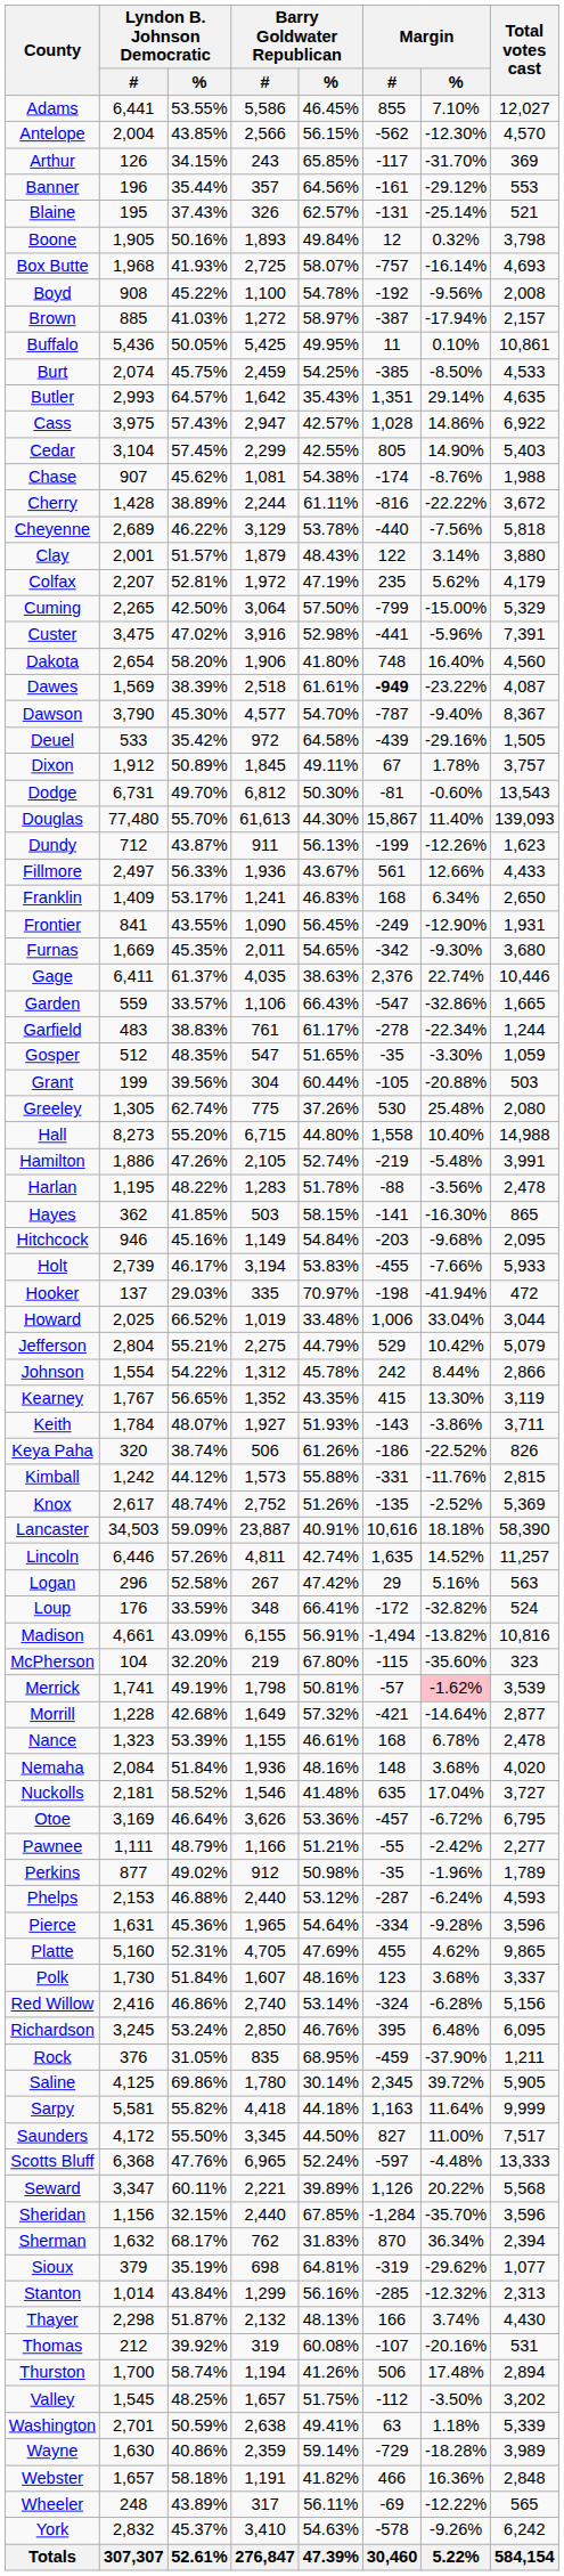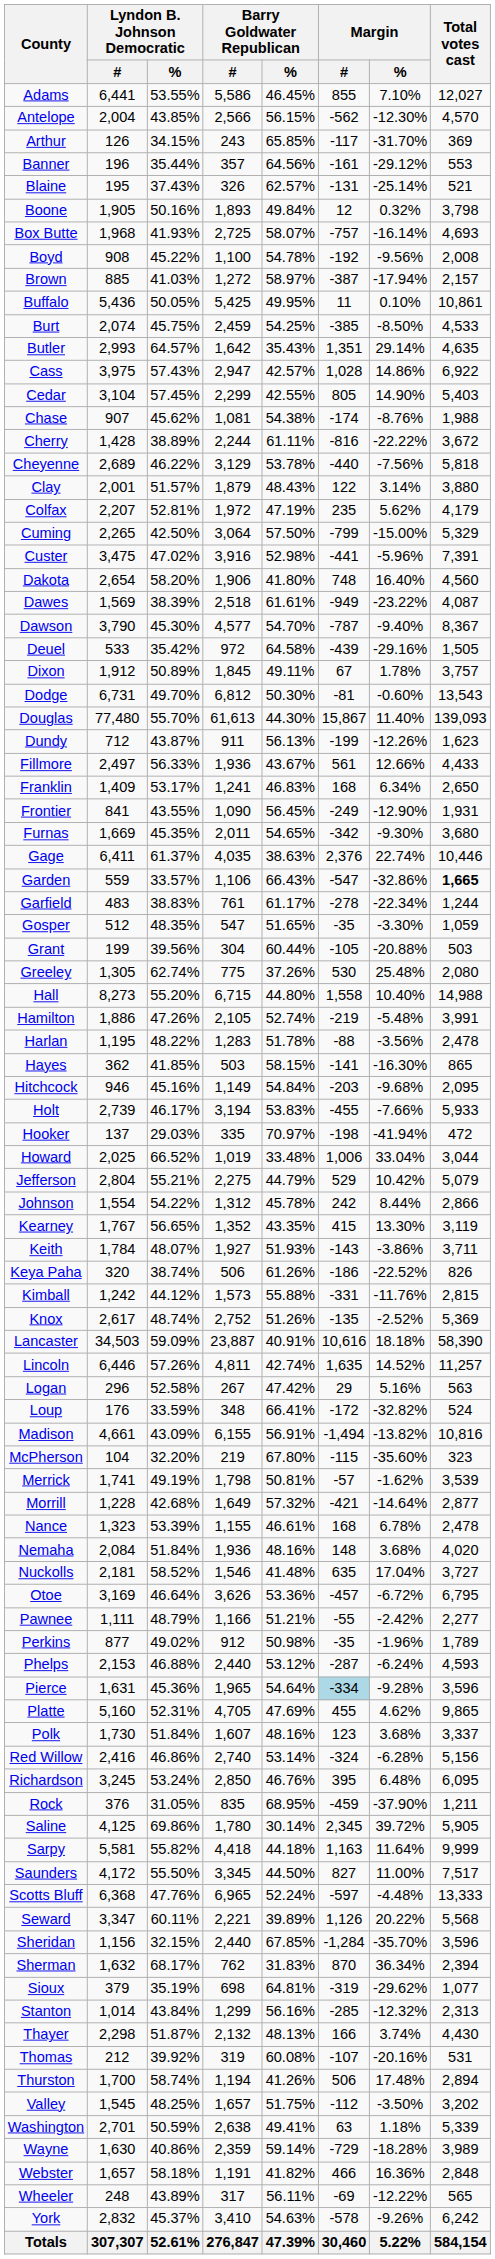 <table class="wikitable sortable" width="60%">
 <tr>
 <th rowspan="2">County</th>
 <th colspan="2">Lyndon B. Johnson<br>Democratic</th>
 <th colspan="2">Barry Goldwater<br>Republican</th>
 <th colspan="2">Margin</th>
 <th rowspan="2">Total votes cast</th>
 </tr>
 <tr>
 <th data-sort-type="number">#</th>
 <th data-sort-type="number">%</th>
 <th data-sort-type="number">#</th>
 <th data-sort-type="number">%</th>
 <th data-sort-type="number">#</th>
 <th data-sort-type="number">%</th>
 </tr>
 <tr style="text-align:center;">
 <td><a href='#'>Adams</a></td>
 <td>6,441</td>
 <td>53.55%</td>
 <td>5,586</td>
 <td>46.45%</td>
 <td>855</td>
 <td>7.10%</td>
 <td>12,027</td>
 </tr>
 <tr style="text-align:center;">
 <td><a href='#'>Antelope</a></td>
 <td>2,004</td>
 <td>43.85%</td>
 <td>2,566</td>
 <td>56.15%</td>
 <td>-562</td>
 <td>-12.30%</td>
 <td>4,570</td>
 </tr>
 <tr style="text-align:center;">
 <td><a href='#'>Arthur</a></td>
 <td>126</td>
 <td>34.15%</td>
 <td>243</td>
 <td>65.85%</td>
 <td>-117</td>
 <td>-31.70%</td>
 <td>369</td>
 </tr>
 <tr style="text-align:center;">
 <td><a href='#'>Banner</a></td>
 <td>196</td>
 <td>35.44%</td>
 <td>357</td>
 <td>64.56%</td>
 <td>-161</td>
 <td>-29.12%</td>
 <td>553</td>
 </tr>
 <tr style="text-align:center;">
 <td><a href='#'>Blaine</a></td>
 <td>195</td>
 <td>37.43%</td>
 <td>326</td>
 <td>62.57%</td>
 <td>-131</td>
 <td>-25.14%</td>
 <td>521</td>
 </tr>
 <tr style="text-align:center;">
 <td><a href='#'>Boone</a></td>
 <td>1,905</td>
 <td>50.16%</td>
 <td>1,893</td>
 <td>49.84%</td>
 <td>12</td>
 <td>0.32%</td>
 <td>3,798</td>
 </tr>
 <tr style="text-align:center;">
 <td><a href='#'>Box Butte</a></td>
 <td>1,968</td>
 <td>41.93%</td>
 <td>2,725</td>
 <td>58.07%</td>
 <td>-757</td>
 <td>-16.14%</td>
 <td>4,693</td>
 </tr>
 <tr style="text-align:center;">
 <td><a href='#'>Boyd</a></td>
 <td>908</td>
 <td>45.22%</td>
 <td>1,100</td>
 <td>54.78%</td>
 <td>-192</td>
 <td>-9.56%</td>
 <td>2,008</td>
 </tr>
 <tr style="text-align:center;">
 <td><a href='#'>Brown</a></td>
 <td>885</td>
 <td>41.03%</td>
 <td>1,272</td>
 <td>58.97%</td>
 <td>-387</td>
 <td>-17.94%</td>
 <td>2,157</td>
 </tr>
 <tr style="text-align:center;">
 <td><a href='#'>Buffalo</a></td>
 <td>5,436</td>
 <td>50.05%</td>
 <td>5,425</td>
 <td>49.95%</td>
 <td>11</td>
 <td>0.10%</td>
 <td>10,861</td>
 </tr>
 <tr style="text-align:center;">
 <td><a href='#'>Burt</a></td>
 <td>2,074</td>
 <td>45.75%</td>
 <td>2,459</td>
 <td>54.25%</td>
 <td>-385</td>
 <td>-8.50%</td>
 <td>4,533</td>
 </tr>
 <tr style="text-align:center;">
 <td><a href='#'>Butler</a></td>
 <td>2,993</td>
 <td>64.57%</td>
 <td>1,642</td>
 <td>35.43%</td>
 <td>1,351</td>
 <td>29.14%</td>
 <td>4,635</td>
 </tr>
 <tr style="text-align:center;">
 <td><a href='#'>Cass</a></td>
 <td>3,975</td>
 <td>57.43%</td>
 <td>2,947</td>
 <td>42.57%</td>
 <td>1,028</td>
 <td>14.86%</td>
 <td>6,922</td>
 </tr>
 <tr style="text-align:center;">
 <td><a href='#'>Cedar</a></td>
 <td>3,104</td>
 <td>57.45%</td>
 <td>2,299</td>
 <td>42.55%</td>
 <td>805</td>
 <td>14.90%</td>
 <td>5,403</td>
 </tr>
 <tr style="text-align:center;">
 <td><a href='#'>Chase</a></td>
 <td>907</td>
 <td>45.62%</td>
 <td>1,081</td>
 <td>54.38%</td>
 <td>-174</td>
 <td>-8.76%</td>
 <td>1,988</td>
 </tr>
 <tr style="text-align:center;">
 <td><a href='#'>Cherry</a></td>
 <td>1,428</td>
 <td>38.89%</td>
 <td>2,244</td>
 <td>61.11%</td>
 <td>-816</td>
 <td>-22.22%</td>
 <td>3,672</td>
 </tr>
 <tr style="text-align:center;">
 <td><a href='#'>Cheyenne</a></td>
 <td>2,689</td>
 <td>46.22%</td>
 <td>3,129</td>
 <td>53.78%</td>
 <td>-440</td>
 <td>-7.56%</td>
 <td>5,818</td>
 </tr>
 <tr style="text-align:center;">
 <td><a href='#'>Clay</a></td>
 <td>2,001</td>
 <td>51.57%</td>
 <td>1,879</td>
 <td>48.43%</td>
 <td>122</td>
 <td>3.14%</td>
 <td>3,880</td>
 </tr>
 <tr style="text-align:center;">
 <td><a href='#'>Colfax</a></td>
 <td>2,207</td>
 <td>52.81%</td>
 <td>1,972</td>
 <td>47.19%</td>
 <td>235</td>
 <td>5.62%</td>
 <td>4,179</td>
 </tr>
 <tr style="text-align:center;">
 <td><a href='#'>Cuming</a></td>
 <td>2,265</td>
 <td>42.50%</td>
 <td>3,064</td>
 <td>57.50%</td>
 <td>-799</td>
 <td>-15.00%</td>
 <td>5,329</td>
 </tr>
 <tr style="text-align:center;">
 <td><a href='#'>Custer</a></td>
 <td>3,475</td>
 <td>47.02%</td>
 <td>3,916</td>
 <td>52.98%</td>
 <td>-441</td>
 <td>-5.96%</td>
 <td>7,391</td>
 </tr>
 <tr style="text-align:center;">
 <td><a href='#'>Dakota</a></td>
 <td>2,654</td>
 <td>58.20%</td>
 <td>1,906</td>
 <td>41.80%</td>
 <td>748</td>
 <td>16.40%</td>
 <td>4,560</td>
 </tr>
 <tr style="text-align:center;">
 <td><a href='#'>Dawes</a></td>
 <td>1,569</td>
 <td>38.39%</td>
 <td>2,518</td>
 <td>61.61%</td>
-<td><strong>-949</strong></td>
+<td>-949</td>
 <td>-23.22%</td>
 <td>4,087</td>
 </tr>
 <tr style="text-align:center;">
 <td><a href='#'>Dawson</a></td>
 <td>3,790</td>
 <td>45.30%</td>
 <td>4,577</td>
 <td>54.70%</td>
 <td>-787</td>
 <td>-9.40%</td>
 <td>8,367</td>
 </tr>
 <tr style="text-align:center;">
 <td><a href='#'>Deuel</a></td>
 <td>533</td>
 <td>35.42%</td>
 <td>972</td>
 <td>64.58%</td>
 <td>-439</td>
 <td>-29.16%</td>
 <td>1,505</td>
 </tr>
 <tr style="text-align:center;">
 <td><a href='#'>Dixon</a></td>
 <td>1,912</td>
 <td>50.89%</td>
 <td>1,845</td>
 <td>49.11%</td>
 <td>67</td>
 <td>1.78%</td>
 <td>3,757</td>
 </tr>
 <tr style="text-align:center;">
 <td><a href='#'>Dodge</a></td>
 <td>6,731</td>
 <td>49.70%</td>
 <td>6,812</td>
 <td>50.30%</td>
 <td>-81</td>
 <td>-0.60%</td>
 <td>13,543</td>
 </tr>
 <tr style="text-align:center;">
 <td><a href='#'>Douglas</a></td>
 <td>77,480</td>
 <td>55.70%</td>
 <td>61,613</td>
 <td>44.30%</td>
 <td>15,867</td>
 <td>11.40%</td>
 <td>139,093</td>
 </tr>
 <tr style="text-align:center;">
 <td><a href='#'>Dundy</a></td>
 <td>712</td>
 <td>43.87%</td>
 <td>911</td>
 <td>56.13%</td>
 <td>-199</td>
 <td>-12.26%</td>
 <td>1,623</td>
 </tr>
 <tr style="text-align:center;">
 <td><a href='#'>Fillmore</a></td>
 <td>2,497</td>
 <td>56.33%</td>
 <td>1,936</td>
 <td>43.67%</td>
 <td>561</td>
 <td>12.66%</td>
 <td>4,433</td>
 </tr>
 <tr style="text-align:center;">
 <td><a href='#'>Franklin</a></td>
 <td>1,409</td>
 <td>53.17%</td>
 <td>1,241</td>
 <td>46.83%</td>
 <td>168</td>
 <td>6.34%</td>
 <td>2,650</td>
 </tr>
 <tr style="text-align:center;">
 <td><a href='#'>Frontier</a></td>
 <td>841</td>
 <td>43.55%</td>
 <td>1,090</td>
 <td>56.45%</td>
 <td>-249</td>
 <td>-12.90%</td>
 <td>1,931</td>
 </tr>
 <tr style="text-align:center;">
 <td><a href='#'>Furnas</a></td>
 <td>1,669</td>
 <td>45.35%</td>
 <td>2,011</td>
 <td>54.65%</td>
 <td>-342</td>
 <td>-9.30%</td>
 <td>3,680</td>
 </tr>
 <tr style="text-align:center;">
 <td><a href='#'>Gage</a></td>
 <td>6,411</td>
 <td>61.37%</td>
 <td>4,035</td>
 <td>38.63%</td>
 <td>2,376</td>
 <td>22.74%</td>
 <td>10,446</td>
 </tr>
 <tr style="text-align:center;">
 <td><a href='#'>Garden</a></td>
 <td>559</td>
 <td>33.57%</td>
 <td>1,106</td>
 <td>66.43%</td>
 <td>-547</td>
 <td>-32.86%</td>
-<td>1,665</td>
+<td><strong>1,665</strong></td>
 </tr>
 <tr style="text-align:center;">
 <td><a href='#'>Garfield</a></td>
 <td>483</td>
 <td>38.83%</td>
 <td>761</td>
 <td>61.17%</td>
 <td>-278</td>
 <td>-22.34%</td>
 <td>1,244</td>
 </tr>
 <tr style="text-align:center;">
 <td><a href='#'>Gosper</a></td>
 <td>512</td>
 <td>48.35%</td>
 <td>547</td>
 <td>51.65%</td>
 <td>-35</td>
 <td>-3.30%</td>
 <td>1,059</td>
 </tr>
 <tr style="text-align:center;">
 <td><a href='#'>Grant</a></td>
 <td>199</td>
 <td>39.56%</td>
 <td>304</td>
 <td>60.44%</td>
 <td>-105</td>
 <td>-20.88%</td>
 <td>503</td>
 </tr>
 <tr style="text-align:center;">
 <td><a href='#'>Greeley</a></td>
 <td>1,305</td>
 <td>62.74%</td>
 <td>775</td>
 <td>37.26%</td>
 <td>530</td>
 <td>25.48%</td>
 <td>2,080</td>
 </tr>
 <tr style="text-align:center;">
 <td><a href='#'>Hall</a></td>
 <td>8,273</td>
 <td>55.20%</td>
 <td>6,715</td>
 <td>44.80%</td>
 <td>1,558</td>
 <td>10.40%</td>
 <td>14,988</td>
 </tr>
 <tr style="text-align:center;">
 <td><a href='#'>Hamilton</a></td>
 <td>1,886</td>
 <td>47.26%</td>
 <td>2,105</td>
 <td>52.74%</td>
 <td>-219</td>
 <td>-5.48%</td>
 <td>3,991</td>
 </tr>
 <tr style="text-align:center;">
 <td><a href='#'>Harlan</a></td>
 <td>1,195</td>
 <td>48.22%</td>
 <td>1,283</td>
 <td>51.78%</td>
 <td>-88</td>
 <td>-3.56%</td>
 <td>2,478</td>
 </tr>
 <tr style="text-align:center;">
 <td><a href='#'>Hayes</a></td>
 <td>362</td>
 <td>41.85%</td>
 <td>503</td>
 <td>58.15%</td>
 <td>-141</td>
 <td>-16.30%</td>
 <td>865</td>
 </tr>
 <tr style="text-align:center;">
 <td><a href='#'>Hitchcock</a></td>
 <td>946</td>
 <td>45.16%</td>
 <td>1,149</td>
 <td>54.84%</td>
 <td>-203</td>
 <td>-9.68%</td>
 <td>2,095</td>
 </tr>
 <tr style="text-align:center;">
 <td><a href='#'>Holt</a></td>
 <td>2,739</td>
 <td>46.17%</td>
 <td>3,194</td>
 <td>53.83%</td>
 <td>-455</td>
 <td>-7.66%</td>
 <td>5,933</td>
 </tr>
 <tr style="text-align:center;">
 <td><a href='#'>Hooker</a></td>
 <td>137</td>
 <td>29.03%</td>
 <td>335</td>
 <td>70.97%</td>
 <td>-198</td>
 <td>-41.94%</td>
 <td>472</td>
 </tr>
 <tr style="text-align:center;">
 <td><a href='#'>Howard</a></td>
 <td>2,025</td>
 <td>66.52%</td>
 <td>1,019</td>
 <td>33.48%</td>
 <td>1,006</td>
 <td>33.04%</td>
 <td>3,044</td>
 </tr>
 <tr style="text-align:center;">
 <td><a href='#'>Jefferson</a></td>
 <td>2,804</td>
 <td>55.21%</td>
 <td>2,275</td>
 <td>44.79%</td>
 <td>529</td>
 <td>10.42%</td>
 <td>5,079</td>
 </tr>
 <tr style="text-align:center;">
 <td><a href='#'>Johnson</a></td>
 <td>1,554</td>
 <td>54.22%</td>
 <td>1,312</td>
 <td>45.78%</td>
 <td>242</td>
 <td>8.44%</td>
 <td>2,866</td>
 </tr>
 <tr style="text-align:center;">
 <td><a href='#'>Kearney</a></td>
 <td>1,767</td>
 <td>56.65%</td>
 <td>1,352</td>
 <td>43.35%</td>
 <td>415</td>
 <td>13.30%</td>
 <td>3,119</td>
 </tr>
 <tr style="text-align:center;">
 <td><a href='#'>Keith</a></td>
 <td>1,784</td>
 <td>48.07%</td>
 <td>1,927</td>
 <td>51.93%</td>
 <td>-143</td>
 <td>-3.86%</td>
 <td>3,711</td>
 </tr>
 <tr style="text-align:center;">
 <td><a href='#'>Keya Paha</a></td>
 <td>320</td>
 <td>38.74%</td>
 <td>506</td>
 <td>61.26%</td>
 <td>-186</td>
 <td>-22.52%</td>
 <td>826</td>
 </tr>
 <tr style="text-align:center;">
 <td><a href='#'>Kimball</a></td>
 <td>1,242</td>
 <td>44.12%</td>
 <td>1,573</td>
 <td>55.88%</td>
 <td>-331</td>
 <td>-11.76%</td>
 <td>2,815</td>
 </tr>
 <tr style="text-align:center;">
 <td><a href='#'>Knox</a></td>
 <td>2,617</td>
 <td>48.74%</td>
 <td>2,752</td>
 <td>51.26%</td>
 <td>-135</td>
 <td>-2.52%</td>
 <td>5,369</td>
 </tr>
 <tr style="text-align:center;">
 <td><a href='#'>Lancaster</a></td>
 <td>34,503</td>
 <td>59.09%</td>
 <td>23,887</td>
 <td>40.91%</td>
 <td>10,616</td>
 <td>18.18%</td>
 <td>58,390</td>
 </tr>
 <tr style="text-align:center;">
 <td><a href='#'>Lincoln</a></td>
 <td>6,446</td>
 <td>57.26%</td>
 <td>4,811</td>
 <td>42.74%</td>
 <td>1,635</td>
 <td>14.52%</td>
 <td>11,257</td>
 </tr>
 <tr style="text-align:center;">
 <td><a href='#'>Logan</a></td>
 <td>296</td>
 <td>52.58%</td>
 <td>267</td>
 <td>47.42%</td>
 <td>29</td>
 <td>5.16%</td>
 <td>563</td>
 </tr>
 <tr style="text-align:center;">
 <td><a href='#'>Loup</a></td>
 <td>176</td>
 <td>33.59%</td>
 <td>348</td>
 <td>66.41%</td>
 <td>-172</td>
 <td>-32.82%</td>
 <td>524</td>
 </tr>
 <tr style="text-align:center;">
 <td><a href='#'>Madison</a></td>
 <td>4,661</td>
 <td>43.09%</td>
 <td>6,155</td>
 <td>56.91%</td>
 <td>-1,494</td>
 <td>-13.82%</td>
 <td>10,816</td>
 </tr>
 <tr style="text-align:center;">
 <td><a href='#'>McPherson</a></td>
 <td>104</td>
 <td>32.20%</td>
 <td>219</td>
 <td>67.80%</td>
 <td>-115</td>
 <td>-35.60%</td>
 <td>323</td>
 </tr>
 <tr style="text-align:center;">
 <td><a href='#'>Merrick</a></td>
 <td>1,741</td>
 <td>49.19%</td>
 <td>1,798</td>
 <td>50.81%</td>
 <td>-57</td>
-<td style="background: pink;">-1.62%</td>
+<td>-1.62%</td>
 <td>3,539</td>
 </tr>
 <tr style="text-align:center;">
 <td><a href='#'>Morrill</a></td>
 <td>1,228</td>
 <td>42.68%</td>
 <td>1,649</td>
 <td>57.32%</td>
 <td>-421</td>
 <td>-14.64%</td>
 <td>2,877</td>
 </tr>
 <tr style="text-align:center;">
 <td><a href='#'>Nance</a></td>
 <td>1,323</td>
 <td>53.39%</td>
 <td>1,155</td>
 <td>46.61%</td>
 <td>168</td>
 <td>6.78%</td>
 <td>2,478</td>
 </tr>
 <tr style="text-align:center;">
 <td><a href='#'>Nemaha</a></td>
 <td>2,084</td>
 <td>51.84%</td>
 <td>1,936</td>
 <td>48.16%</td>
 <td>148</td>
 <td>3.68%</td>
 <td>4,020</td>
 </tr>
 <tr style="text-align:center;">
 <td><a href='#'>Nuckolls</a></td>
 <td>2,181</td>
 <td>58.52%</td>
 <td>1,546</td>
 <td>41.48%</td>
 <td>635</td>
 <td>17.04%</td>
 <td>3,727</td>
 </tr>
 <tr style="text-align:center;">
 <td><a href='#'>Otoe</a></td>
 <td>3,169</td>
 <td>46.64%</td>
 <td>3,626</td>
 <td>53.36%</td>
 <td>-457</td>
 <td>-6.72%</td>
 <td>6,795</td>
 </tr>
 <tr style="text-align:center;">
 <td><a href='#'>Pawnee</a></td>
 <td>1,111</td>
 <td>48.79%</td>
 <td>1,166</td>
 <td>51.21%</td>
 <td>-55</td>
 <td>-2.42%</td>
 <td>2,277</td>
 </tr>
 <tr style="text-align:center;">
 <td><a href='#'>Perkins</a></td>
 <td>877</td>
 <td>49.02%</td>
 <td>912</td>
 <td>50.98%</td>
 <td>-35</td>
 <td>-1.96%</td>
 <td>1,789</td>
 </tr>
 <tr style="text-align:center;">
 <td><a href='#'>Phelps</a></td>
 <td>2,153</td>
 <td>46.88%</td>
 <td>2,440</td>
 <td>53.12%</td>
 <td>-287</td>
 <td>-6.24%</td>
 <td>4,593</td>
 </tr>
 <tr style="text-align:center;">
 <td><a href='#'>Pierce</a></td>
 <td>1,631</td>
 <td>45.36%</td>
 <td>1,965</td>
 <td>54.64%</td>
-<td>-334</td>
+<td style="background: lightblue;">-334</td>
 <td>-9.28%</td>
 <td>3,596</td>
 </tr>
 <tr style="text-align:center;">
 <td><a href='#'>Platte</a></td>
 <td>5,160</td>
 <td>52.31%</td>
 <td>4,705</td>
 <td>47.69%</td>
 <td>455</td>
 <td>4.62%</td>
 <td>9,865</td>
 </tr>
 <tr style="text-align:center;">
 <td><a href='#'>Polk</a></td>
 <td>1,730</td>
 <td>51.84%</td>
 <td>1,607</td>
 <td>48.16%</td>
 <td>123</td>
 <td>3.68%</td>
 <td>3,337</td>
 </tr>
 <tr style="text-align:center;">
 <td><a href='#'>Red Willow</a></td>
 <td>2,416</td>
 <td>46.86%</td>
 <td>2,740</td>
 <td>53.14%</td>
 <td>-324</td>
 <td>-6.28%</td>
 <td>5,156</td>
 </tr>
 <tr style="text-align:center;">
 <td><a href='#'>Richardson</a></td>
 <td>3,245</td>
 <td>53.24%</td>
 <td>2,850</td>
 <td>46.76%</td>
 <td>395</td>
 <td>6.48%</td>
 <td>6,095</td>
 </tr>
 <tr style="text-align:center;">
 <td><a href='#'>Rock</a></td>
 <td>376</td>
 <td>31.05%</td>
 <td>835</td>
 <td>68.95%</td>
 <td>-459</td>
 <td>-37.90%</td>
 <td>1,211</td>
 </tr>
 <tr style="text-align:center;">
 <td><a href='#'>Saline</a></td>
 <td>4,125</td>
 <td>69.86%</td>
 <td>1,780</td>
 <td>30.14%</td>
 <td>2,345</td>
 <td>39.72%</td>
 <td>5,905</td>
 </tr>
 <tr style="text-align:center;">
 <td><a href='#'>Sarpy</a></td>
 <td>5,581</td>
 <td>55.82%</td>
 <td>4,418</td>
 <td>44.18%</td>
 <td>1,163</td>
 <td>11.64%</td>
 <td>9,999</td>
 </tr>
 <tr style="text-align:center;">
 <td><a href='#'>Saunders</a></td>
 <td>4,172</td>
 <td>55.50%</td>
 <td>3,345</td>
 <td>44.50%</td>
 <td>827</td>
 <td>11.00%</td>
 <td>7,517</td>
 </tr>
 <tr style="text-align:center;">
 <td><a href='#'>Scotts Bluff</a></td>
 <td>6,368</td>
 <td>47.76%</td>
 <td>6,965</td>
 <td>52.24%</td>
 <td>-597</td>
 <td>-4.48%</td>
 <td>13,333</td>
 </tr>
 <tr style="text-align:center;">
 <td><a href='#'>Seward</a></td>
 <td>3,347</td>
 <td>60.11%</td>
 <td>2,221</td>
 <td>39.89%</td>
 <td>1,126</td>
 <td>20.22%</td>
 <td>5,568</td>
 </tr>
 <tr style="text-align:center;">
 <td><a href='#'>Sheridan</a></td>
 <td>1,156</td>
 <td>32.15%</td>
 <td>2,440</td>
 <td>67.85%</td>
 <td>-1,284</td>
 <td>-35.70%</td>
 <td>3,596</td>
 </tr>
 <tr style="text-align:center;">
 <td><a href='#'>Sherman</a></td>
 <td>1,632</td>
 <td>68.17%</td>
 <td>762</td>
 <td>31.83%</td>
 <td>870</td>
 <td>36.34%</td>
 <td>2,394</td>
 </tr>
 <tr style="text-align:center;">
 <td><a href='#'>Sioux</a></td>
 <td>379</td>
 <td>35.19%</td>
 <td>698</td>
 <td>64.81%</td>
 <td>-319</td>
 <td>-29.62%</td>
 <td>1,077</td>
 </tr>
 <tr style="text-align:center;">
 <td><a href='#'>Stanton</a></td>
 <td>1,014</td>
 <td>43.84%</td>
 <td>1,299</td>
 <td>56.16%</td>
 <td>-285</td>
 <td>-12.32%</td>
 <td>2,313</td>
 </tr>
 <tr style="text-align:center;">
 <td><a href='#'>Thayer</a></td>
 <td>2,298</td>
 <td>51.87%</td>
 <td>2,132</td>
 <td>48.13%</td>
 <td>166</td>
 <td>3.74%</td>
 <td>4,430</td>
 </tr>
 <tr style="text-align:center;">
 <td><a href='#'>Thomas</a></td>
 <td>212</td>
 <td>39.92%</td>
 <td>319</td>
 <td>60.08%</td>
 <td>-107</td>
 <td>-20.16%</td>
 <td>531</td>
 </tr>
 <tr style="text-align:center;">
 <td><a href='#'>Thurston</a></td>
 <td>1,700</td>
 <td>58.74%</td>
 <td>1,194</td>
 <td>41.26%</td>
 <td>506</td>
 <td>17.48%</td>
 <td>2,894</td>
 </tr>
 <tr style="text-align:center;">
 <td><a href='#'>Valley</a></td>
 <td>1,545</td>
 <td>48.25%</td>
 <td>1,657</td>
 <td>51.75%</td>
 <td>-112</td>
 <td>-3.50%</td>
 <td>3,202</td>
 </tr>
 <tr style="text-align:center;">
 <td><a href='#'>Washington</a></td>
 <td>2,701</td>
 <td>50.59%</td>
 <td>2,638</td>
 <td>49.41%</td>
 <td>63</td>
 <td>1.18%</td>
 <td>5,339</td>
 </tr>
 <tr style="text-align:center;">
 <td><a href='#'>Wayne</a></td>
 <td>1,630</td>
 <td>40.86%</td>
 <td>2,359</td>
 <td>59.14%</td>
 <td>-729</td>
 <td>-18.28%</td>
 <td>3,989</td>
 </tr>
 <tr style="text-align:center;">
 <td><a href='#'>Webster</a></td>
 <td>1,657</td>
 <td>58.18%</td>
 <td>1,191</td>
 <td>41.82%</td>
 <td>466</td>
 <td>16.36%</td>
 <td>2,848</td>
 </tr>
 <tr style="text-align:center;">
 <td><a href='#'>Wheeler</a></td>
 <td>248</td>
 <td>43.89%</td>
 <td>317</td>
 <td>56.11%</td>
 <td>-69</td>
 <td>-12.22%</td>
 <td>565</td>
 </tr>
 <tr style="text-align:center;">
 <td><a href='#'>York</a></td>
 <td>2,832</td>
 <td>45.37%</td>
 <td>3,410</td>
 <td>54.63%</td>
 <td>-578</td>
 <td>-9.26%</td>
 <td>6,242</td>
 </tr>
 <tr style="text-align:center;">
 <th>Totals</th>
 <th>307,307</th>
 <th>52.61%</th>
 <th>276,847</th>
 <th>47.39%</th>
 <th>30,460</th>
 <th>5.22%</th>
 <th>584,154</th>
 </tr>
 </table>
